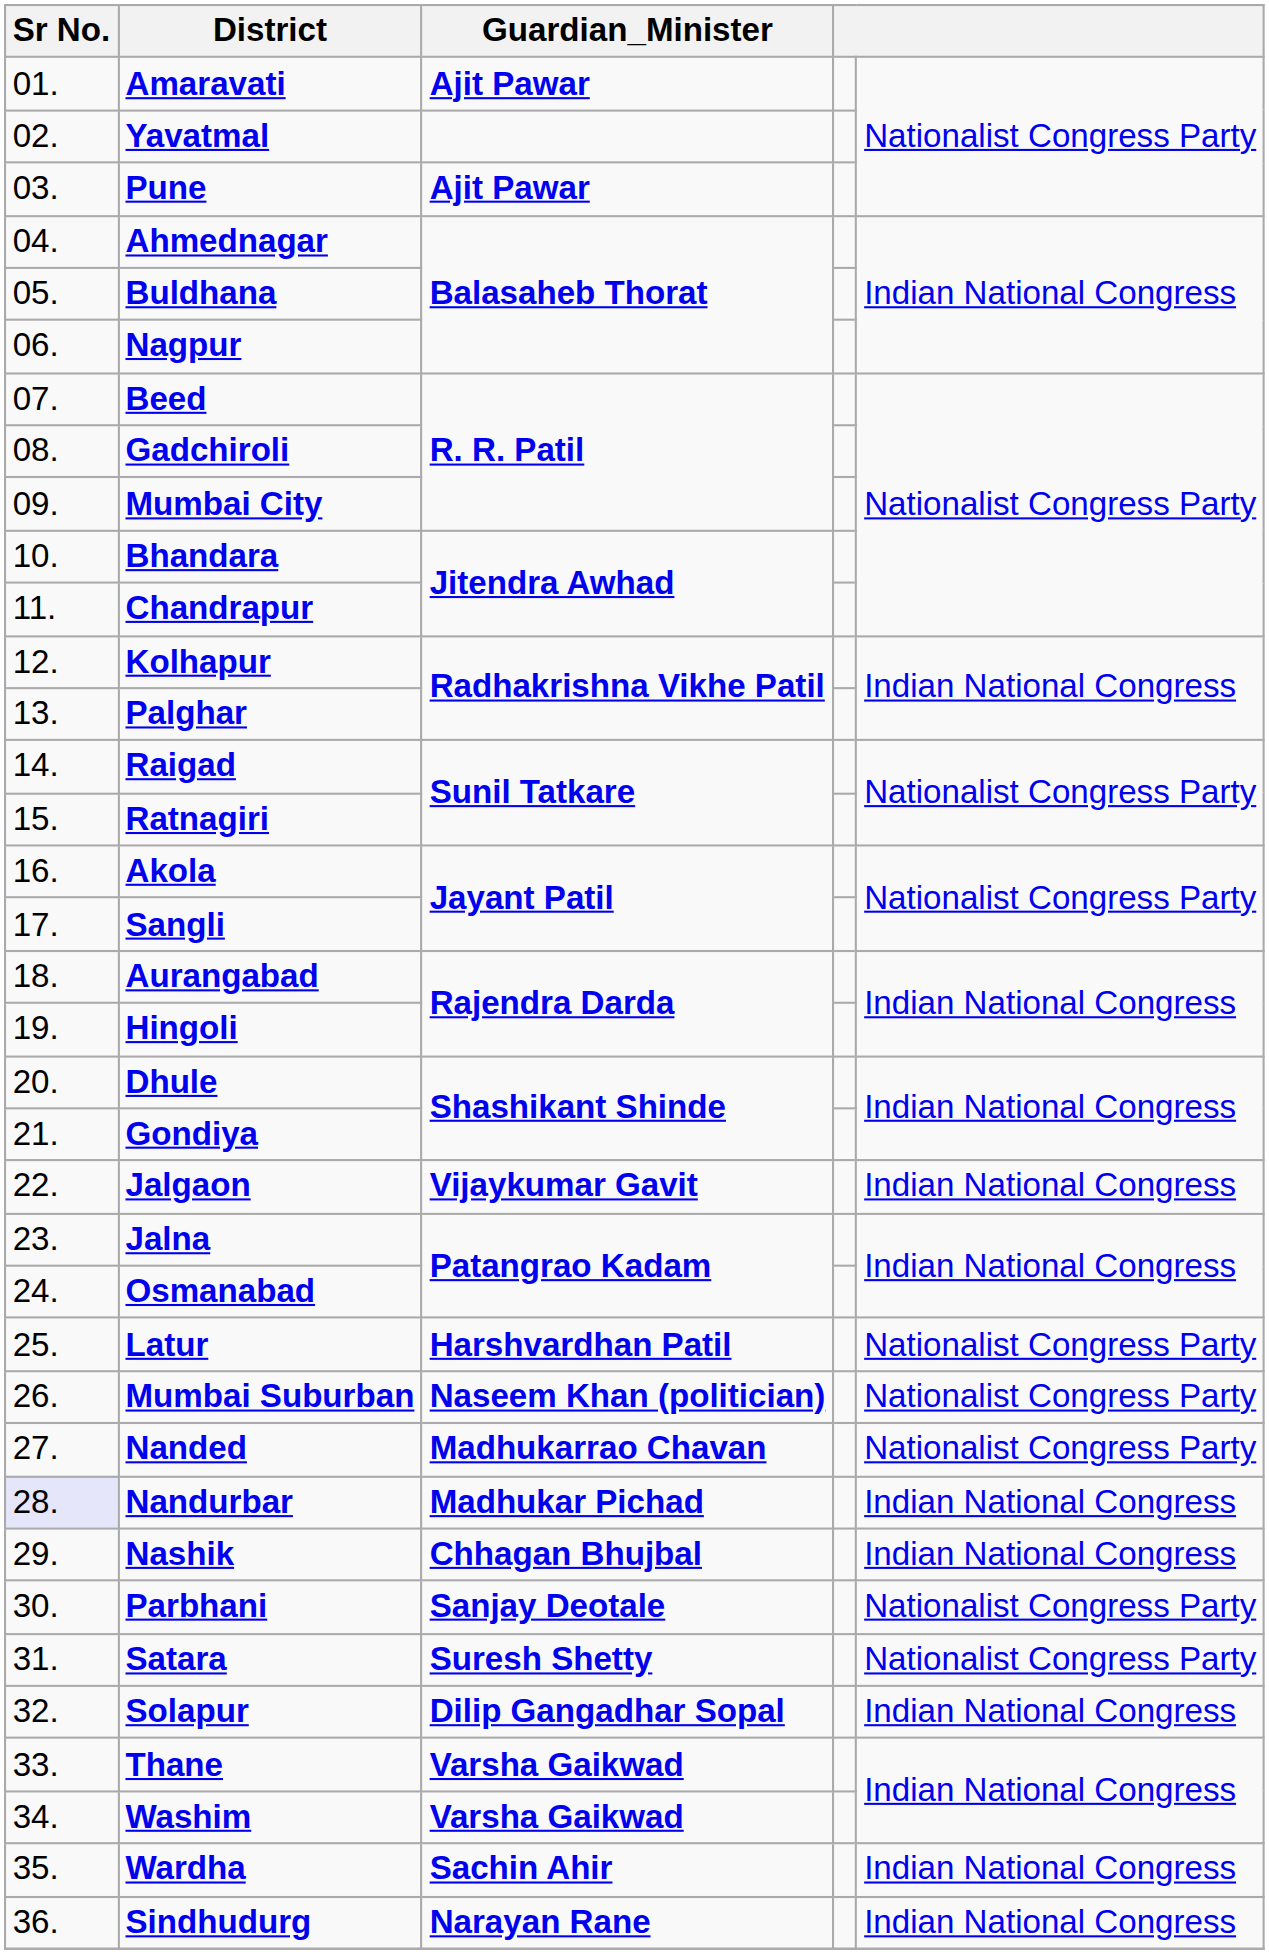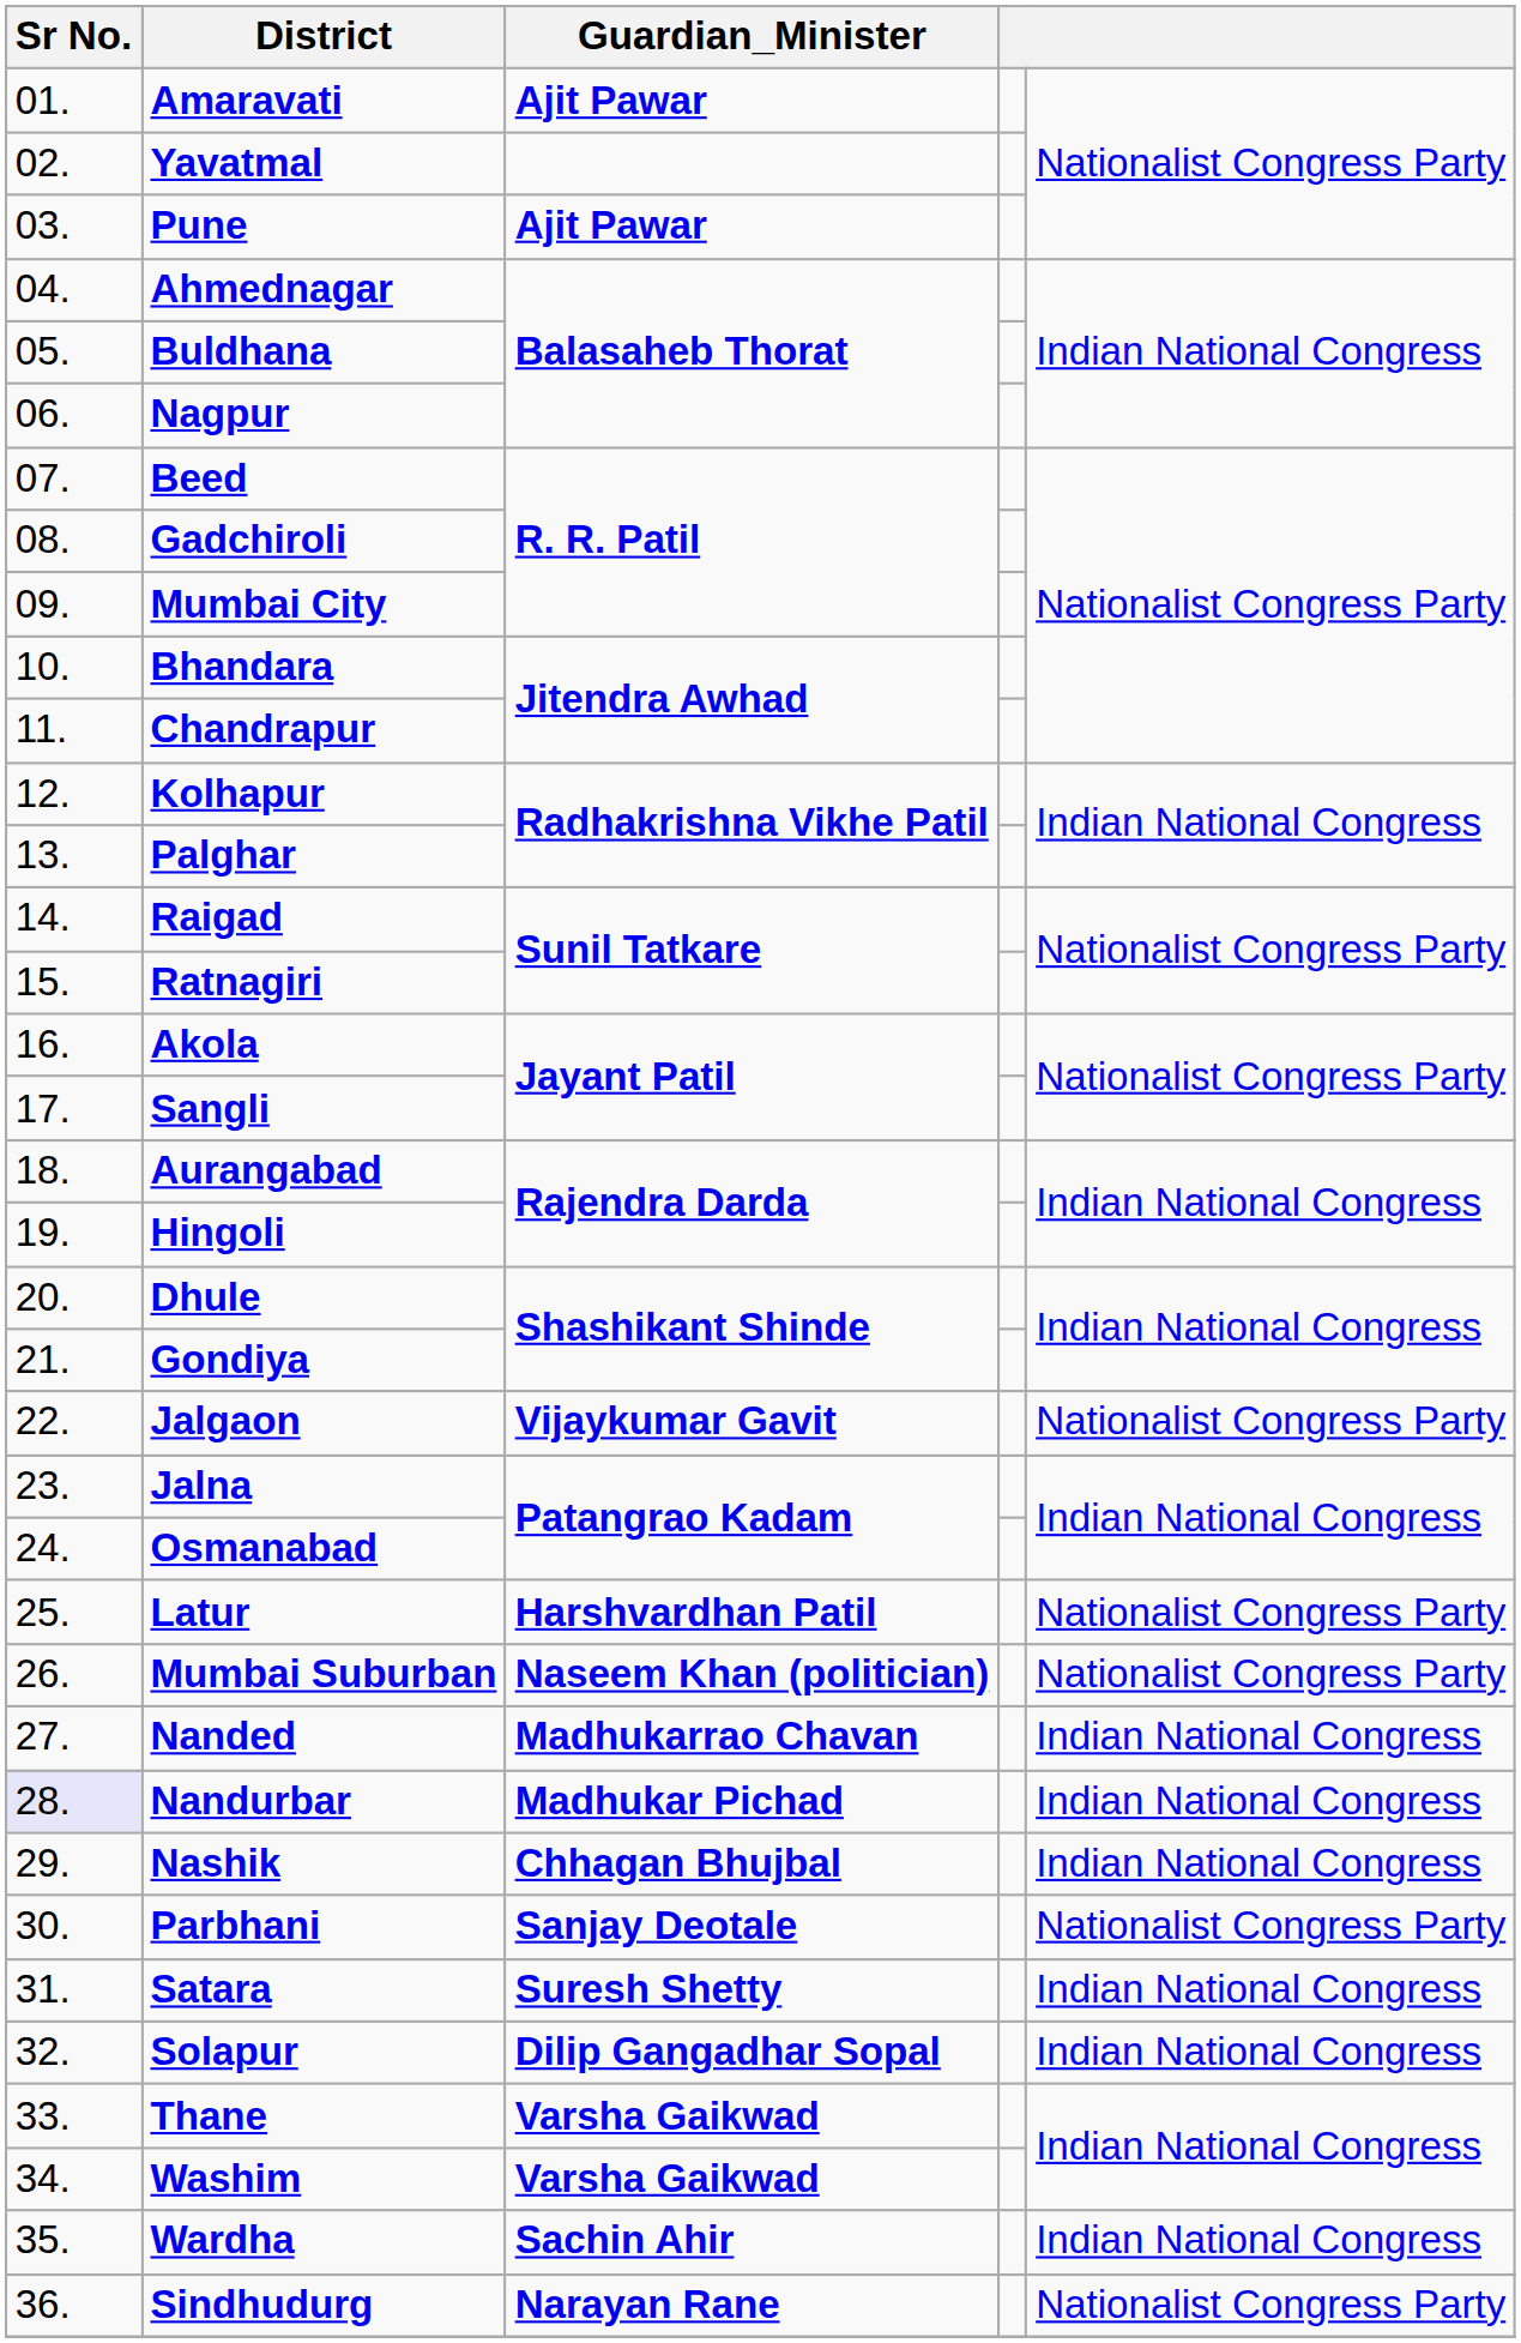 <table class="wikitable">
 <tr>
 <th>Sr No.</th>
 <th>District</th>
 <th>Guardian_Minister</th>
 <th colspan="2"></th>
 </tr>
 <tr>
 <td>01.</td>
 <td><strong><a href='#'>Amaravati</a></strong></td>
 <td rowspan="1"><strong><a href='#'>Ajit Pawar</a><br> </strong></td>
 <td></td>
 <td rowspan="3"><a href='#'>Nationalist Congress Party</a></td>
 </tr>
 <tr>
 <td>02.</td>
 <td><strong><a href='#'>Yavatmal</a></strong></td>
 <td rowspan="1"><strong><a href='#'></a></strong></td>
 <td></td>
 </tr>
 <tr>
 <td>03.</td>
 <td><strong><a href='#'>Pune</a></strong></td>
 <td rowspan="1"><strong><a href='#'>Ajit Pawar</a><br> </strong></td>
 <td></td>
 </tr>
 <tr>
 <td>04.</td>
 <td><strong><a href='#'>Ahmednagar</a></strong></td>
 <td rowspan="3"><strong><a href='#'>Balasaheb Thorat</a></strong></td>
 <td width="4px"></td>
 <td rowspan="3"><a href='#'>Indian National Congress</a></td>
 </tr>
 <tr>
 <td>05.</td>
 <td><strong><a href='#'>Buldhana</a></strong></td>
 <td width="4px"></td>
 </tr>
 <tr>
 <td>06.</td>
 <td><strong><a href='#'>Nagpur</a></strong></td>
 <td width="4px"></td>
 </tr>
 <tr>
 <td>07.</td>
 <td><strong><a href='#'>Beed</a></strong></td>
 <td rowspan="3"><strong><a href='#'>R. R. Patil</a></strong></td>
 <td></td>
 <td rowspan="5"><a href='#'>Nationalist Congress Party</a></td>
 </tr>
 <tr>
 <td>08.</td>
 <td><strong><a href='#'>Gadchiroli</a></strong></td>
 <td></td>
 </tr>
 <tr>
 <td>09.</td>
 <td><strong><a href='#'>Mumbai City</a></strong></td>
 <td></td>
 </tr>
 <tr>
 <td>10.</td>
 <td><strong><a href='#'>Bhandara</a></strong></td>
 <td rowspan="2"><strong><a href='#'>Jitendra Awhad</a></strong></td>
 <td width="4px"></td>
 </tr>
 <tr>
 <td>11.</td>
 <td><strong><a href='#'>Chandrapur</a></strong></td>
 <td width="4px"></td>
 </tr>
 <tr>
 <td>12.</td>
 <td><strong><a href='#'>Kolhapur</a></strong></td>
 <td rowspan="2"><strong><a href='#'>Radhakrishna Vikhe Patil</a></strong></td>
 <td width="4px"></td>
 <td rowspan="2"><a href='#'>Indian National Congress</a></td>
 </tr>
 <tr>
 <td>13.</td>
 <td><strong><a href='#'>Palghar</a></strong></td>
 <td width="4px"></td>
 </tr>
 <tr>
 <td>14.</td>
 <td><strong><a href='#'>Raigad</a></strong></td>
 <td rowspan="2"><strong><a href='#'>Sunil Tatkare</a></strong></td>
 <td></td>
 <td rowspan="2"><a href='#'>Nationalist Congress Party</a></td>
 </tr>
 <tr>
 <td>15.</td>
 <td><strong><a href='#'>Ratnagiri</a></strong></td>
 <td></td>
 </tr>
 <tr>
 <td>16.</td>
 <td><strong><a href='#'>Akola</a></strong></td>
 <td rowspan="2"><strong><a href='#'>Jayant Patil</a></strong></td>
 <td></td>
 <td rowspan="2"><a href='#'>Nationalist Congress Party</a></td>
 </tr>
 <tr>
 <td>17.</td>
 <td><strong><a href='#'>Sangli</a></strong></td>
 <td></td>
 </tr>
 <tr>
 <td>18.</td>
 <td><strong><a href='#'>Aurangabad</a></strong></td>
 <td rowspan="2"><strong><a href='#'>Rajendra Darda</a></strong></td>
 <td></td>
 <td rowspan="2"><a href='#'>Indian National Congress</a></td>
 </tr>
 <tr>
 <td>19.</td>
 <td><strong><a href='#'>Hingoli</a></strong></td>
 <td></td>
 </tr>
 <tr>
 <td>20.</td>
 <td><strong><a href='#'>Dhule</a></strong></td>
 <td rowspan="2"><strong><a href='#'>Shashikant Shinde</a></strong></td>
 <td></td>
 <td rowspan="2"><a href='#'>Indian National Congress</a></td>
 </tr>
 <tr>
 <td>21.</td>
 <td><strong><a href='#'>Gondiya</a></strong></td>
 <td></td>
 </tr>
 <tr>
 <td>22.</td>
 <td><strong><a href='#'>Jalgaon</a></strong></td>
 <td><strong><a href='#'>Vijaykumar Gavit</a></strong></td>
 <td></td>
-<td><a href='#'>Indian National Congress</a></td>
+<td><a href='#'>Nationalist Congress Party</a></td>
 </tr>
 <tr>
 <td>23.</td>
 <td><strong><a href='#'>Jalna</a></strong></td>
 <td rowspan="2"><strong><a href='#'>Patangrao Kadam</a></strong></td>
 <td></td>
 <td rowspan="2"><a href='#'>Indian National Congress</a></td>
 </tr>
 <tr>
 <td>24.</td>
 <td><strong><a href='#'>Osmanabad</a></strong></td>
 <td></td>
 </tr>
 <tr>
 <td>25.</td>
 <td><strong><a href='#'>Latur</a></strong></td>
 <td><strong><a href='#'>Harshvardhan Patil</a></strong></td>
 <td></td>
 <td><a href='#'>Nationalist Congress Party</a></td>
 </tr>
 <tr>
 <td>26.</td>
 <td><strong><a href='#'>Mumbai Suburban</a></strong></td>
 <td><strong><a href='#'>Naseem Khan (politician)</a></strong></td>
 <td></td>
 <td><a href='#'>Nationalist Congress Party</a></td>
 </tr>
 <tr>
 <td>27.</td>
 <td><strong><a href='#'>Nanded</a></strong></td>
 <td><strong><a href='#'>Madhukarrao Chavan</a></strong></td>
 <td></td>
-<td><a href='#'>Nationalist Congress Party</a></td>
+<td><a href='#'>Indian National Congress</a></td>
 </tr>
 <tr>
 <td style="background: lavender;">28.</td>
 <td><strong><a href='#'>Nandurbar</a></strong></td>
 <td><strong><a href='#'>Madhukar Pichad</a></strong></td>
 <td></td>
 <td><a href='#'>Indian National Congress</a></td>
 </tr>
 <tr>
 <td>29.</td>
 <td><strong><a href='#'>Nashik</a></strong></td>
 <td><strong><a href='#'>Chhagan Bhujbal</a></strong></td>
 <td></td>
 <td><a href='#'>Indian National Congress</a></td>
 </tr>
 <tr>
 <td>30.</td>
 <td><strong><a href='#'>Parbhani</a></strong></td>
 <td><strong><a href='#'>Sanjay Deotale</a></strong></td>
 <td></td>
 <td><a href='#'>Nationalist Congress Party</a></td>
 </tr>
 <tr>
 <td>31.</td>
 <td><strong><a href='#'>Satara</a></strong></td>
 <td><strong><a href='#'>Suresh Shetty</a></strong></td>
 <td></td>
-<td><a href='#'>Nationalist Congress Party</a></td>
+<td><a href='#'>Indian National Congress</a></td>
 </tr>
 <tr>
 <td>32.</td>
 <td><strong><a href='#'>Solapur</a></strong></td>
 <td><strong><a href='#'>Dilip Gangadhar Sopal</a></strong></td>
 <td></td>
 <td><a href='#'>Indian National Congress</a></td>
 </tr>
 <tr>
 <td>33.</td>
 <td><strong><a href='#'>Thane</a></strong></td>
 <td><strong><a href='#'>Varsha Gaikwad</a></strong></td>
 <td></td>
 <td rowspan="2"><a href='#'>Indian National Congress</a></td>
 </tr>
 <tr>
 <td>34.</td>
 <td><strong><a href='#'>Washim</a></strong></td>
 <td><strong><a href='#'>Varsha Gaikwad</a></strong></td>
 <td></td>
 </tr>
 <tr>
 <td>35.</td>
 <td><strong><a href='#'>Wardha</a></strong></td>
 <td><strong><a href='#'>Sachin Ahir</a></strong></td>
 <td></td>
 <td><a href='#'>Indian National Congress</a></td>
 </tr>
 <tr>
 <td>36.</td>
 <td><strong><a href='#'>Sindhudurg</a></strong></td>
 <td><strong><a href='#'>Narayan Rane</a></strong></td>
 <td width="4px"></td>
-<td><a href='#'>Indian National Congress</a></td>
+<td><a href='#'>Nationalist Congress Party</a></td>
 </tr>
 <tr>
 </tr>
 </table>
